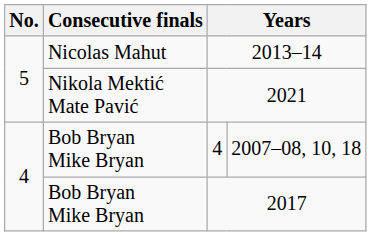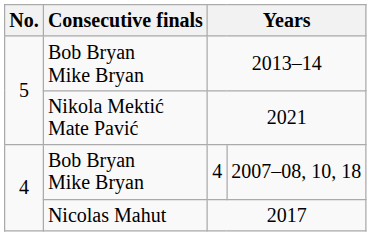 <table class="wikitable nowrap" style="text-align:center; display:inline-table">
 <tr>
 <th scope="col">No.</th>
 <th scope="col">Consecutive finals</th>
 <th colspan="2" scope="col">Years</th>
 </tr>
 <tr>
 <td rowspan="2">5</td>
-<td style="text-align: left;"> Nicolas Mahut</td>
+<td style="text-align: left;"> Bob Bryan<br> Mike Bryan</td>
 <td colspan="2">2013–14</td>
 </tr>
 <tr>
 <td style="text-align: left;"> Nikola Mektić <br> Mate Pavić</td>
 <td colspan="2">2021</td>
 </tr>
 <tr>
 <td rowspan=2>4</td>
 <td style="text-align: left;"> Bob Bryan<br> Mike Bryan</td>
 <td>4</td>
 <td>2007–08, 10, 18</td>
 </tr>
 <tr>
-<td style="text-align: left;"> Bob Bryan<br> Mike Bryan</td>
+<td style="text-align: left;"> Nicolas Mahut</td>
 <td colspan=2>2017</td>
 </tr>
 </table>
